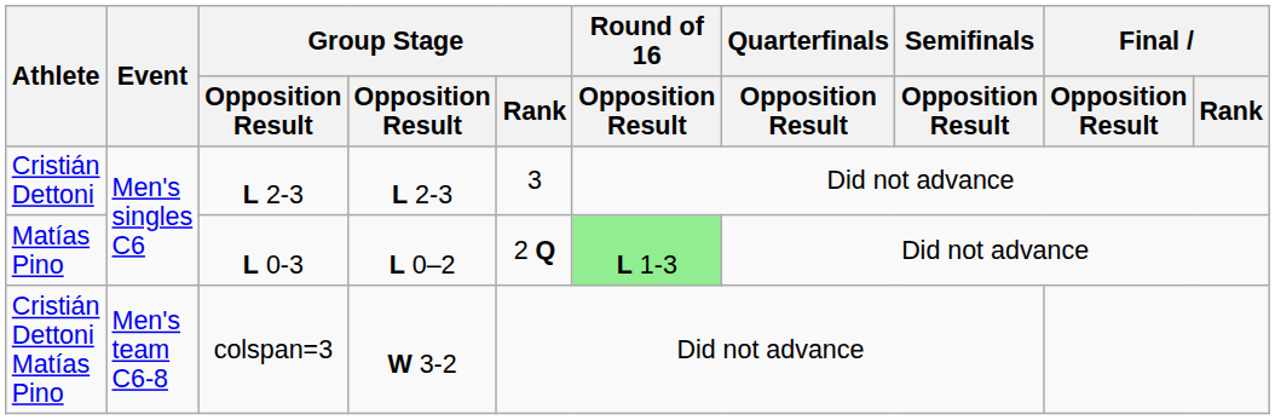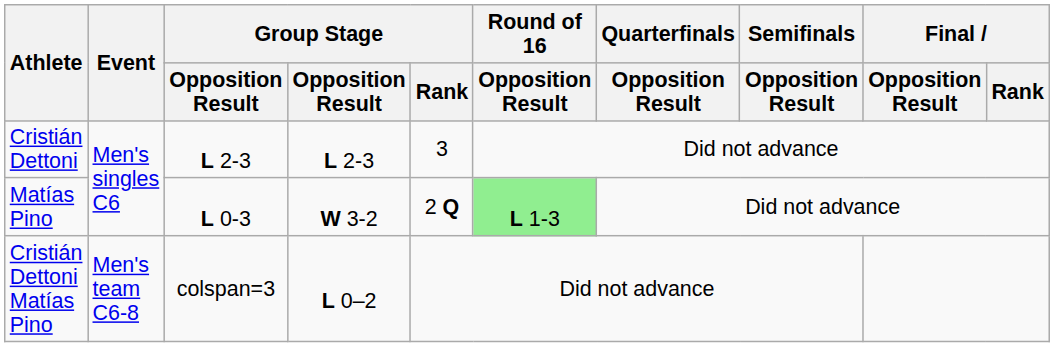 <table class=wikitable style="font-size:90%">
 <tr align=center>
 <th rowspan="2">Athlete</th>
 <th rowspan="2">Event</th>
 <th colspan="3">Group Stage</th>
 <th>Round of 16</th>
 <th>Quarterfinals</th>
 <th>Semifinals</th>
 <th colspan="2">Final / </th>
 </tr>
 <tr>
 <th>Opposition<br>Result</th>
 <th>Opposition<br>Result</th>
 <th>Rank</th>
 <th>Opposition<br>Result</th>
 <th>Opposition<br>Result</th>
 <th>Opposition<br>Result</th>
 <th>Opposition<br>Result</th>
 <th>Rank</th>
 </tr>
 <tr align=center>
 <td align=left><a href='#'>Cristián Dettoni</a></td>
 <td align=left rowspan=2><a href='#'>Men's singles C6</a></td>
 <td><br><strong>L</strong> 2-3</td>
 <td><br><strong>L</strong> 2-3</td>
 <td>3</td>
 <td colspan=5>Did not advance</td>
 </tr>
 <tr align=center>
 <td align=left><a href='#'>Matías Pino</a></td>
 <td><br><strong>L</strong> 0-3</td>
-<td><br><strong>L</strong> 0–2</td>
+<td><br><strong>W</strong> 3-2</td>
 <td>2 <strong>Q</strong></td>
 <td style="background: lightgreen;"><br><strong>L</strong> 1-3</td>
 <td colspan=4>Did not advance</td>
 </tr>
 <tr align=center>
 <td align=left><a href='#'>Cristián Dettoni</a><br><a href='#'>Matías Pino</a></td>
 <td align=left><a href='#'>Men's team C6-8</a></td>
 <td>colspan=3 </td>
-<td><br><strong>W</strong> 3-2</td>
+<td><br><strong>L</strong> 0–2</td>
 <td colspan=4>Did not advance</td>
 </tr>
 </table>
